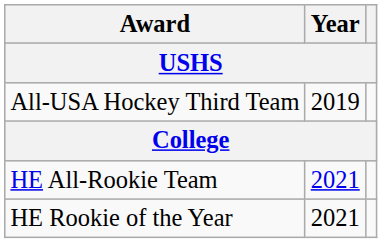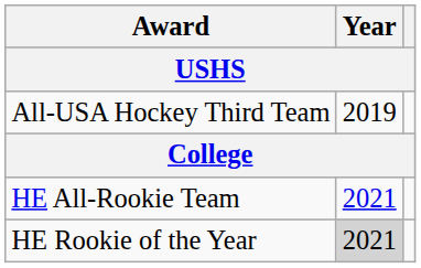 <table class="wikitable">
 <tr>
 <th>Award</th>
 <th>Year</th>
 <th></th>
 </tr>
 <tr ALIGN="center" bgcolor="#e0e0e0">
 <th colspan="3"><a href='#'>USHS</a></th>
 </tr>
 <tr>
 <td>All-USA Hockey Third Team</td>
 <td>2019</td>
 <td></td>
 </tr>
 <tr ALIGN="center" bgcolor="#e0e0e0">
 <th colspan="3"><a href='#'>College</a></th>
 </tr>
 <tr>
 <td><a href='#'>HE</a> All-Rookie Team</td>
 <td><a href='#'>2021</a></td>
 <td></td>
 </tr>
 <tr>
 <td>HE Rookie of the Year</td>
-<td>2021</td>
+<td style="background: lightgrey;">2021</td>
 <td></td>
 </tr>
 </table>
